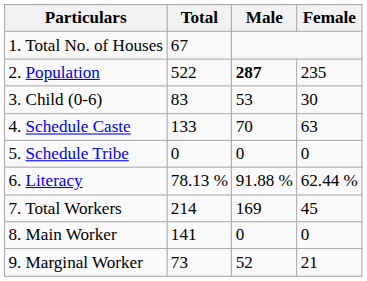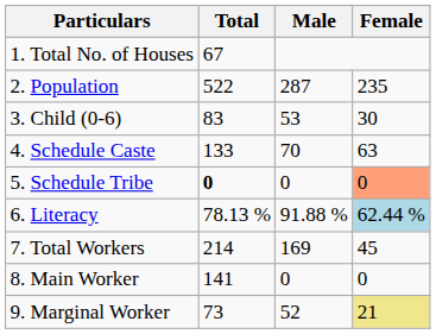 <table class="wikitable sortable">
 <tr>
 <th>Particulars</th>
 <th>Total</th>
 <th>Male</th>
 <th>Female</th>
 </tr>
 <tr>
 <td>1. Total No. of Houses</td>
 <td>67</td>
 </tr>
 <tr>
 <td>2. <a href='#'>Population</a></td>
 <td>522</td>
-<td><strong>287</strong></td>
+<td>287</td>
 <td>235</td>
 </tr>
 <tr>
 <td>3. Child (0-6)</td>
 <td>83</td>
 <td>53</td>
 <td>30</td>
 </tr>
 <tr>
 <td>4. <a href='#'>Schedule Caste</a></td>
 <td>133</td>
 <td>70</td>
 <td>63</td>
 </tr>
 <tr>
 <td>5. <a href='#'>Schedule Tribe</a></td>
+<td><strong>0</strong></td>
 <td>0</td>
-<td>0</td>
-<td>0</td>
+<td style="background: lightsalmon;">0</td>
 </tr>
 <tr>
 <td>6. <a href='#'>Literacy</a></td>
 <td>78.13 %</td>
 <td>91.88 %</td>
-<td>62.44 %</td>
+<td style="background: lightblue;">62.44 %</td>
 </tr>
 <tr>
 <td>7. Total Workers</td>
 <td>214</td>
 <td>169</td>
 <td>45</td>
 </tr>
 <tr>
 <td>8. Main Worker</td>
 <td>141</td>
 <td>0</td>
 <td>0</td>
 </tr>
 <tr>
 <td>9. Marginal Worker</td>
 <td>73</td>
 <td>52</td>
-<td>21</td>
+<td style="background: khaki;">21</td>
 </tr>
 </table>
